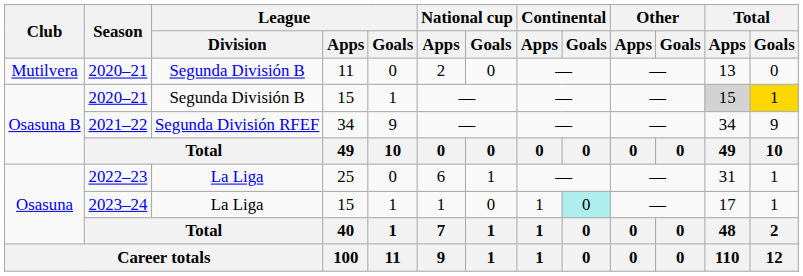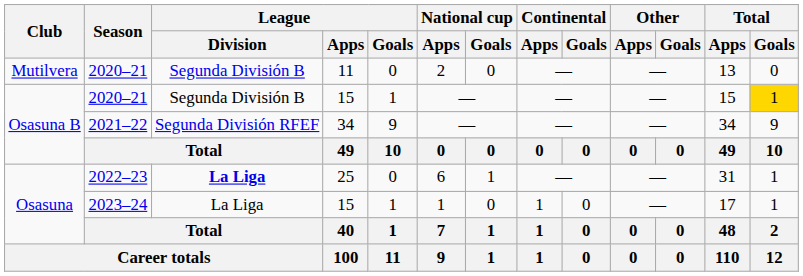 <table class="wikitable" style="text-align:center">
 <tr>
 <th rowspan="2">Club</th>
 <th rowspan="2">Season</th>
 <th colspan="3">League</th>
 <th colspan="2">National cup</th>
 <th colspan="2">Continental</th>
 <th colspan="2">Other</th>
 <th colspan="2">Total</th>
 </tr>
 <tr>
 <th>Division</th>
 <th>Apps</th>
 <th>Goals</th>
 <th>Apps</th>
 <th>Goals</th>
 <th>Apps</th>
 <th>Goals</th>
 <th>Apps</th>
 <th>Goals</th>
 <th>Apps</th>
 <th>Goals</th>
 </tr>
 <tr>
 <td><a href='#'>Mutilvera</a></td>
 <td><a href='#'>2020–21</a></td>
 <td><a href='#'>Segunda División B</a></td>
 <td>11</td>
 <td>0</td>
 <td>2</td>
 <td>0</td>
 <td colspan="2">—</td>
 <td colspan="2">—</td>
 <td>13</td>
 <td>0</td>
 </tr>
 <tr>
 <td rowspan="3"><a href='#'>Osasuna B</a></td>
 <td><a href='#'>2020–21</a></td>
 <td>Segunda División B</td>
 <td>15</td>
 <td>1</td>
 <td colspan="2">—</td>
 <td colspan="2">—</td>
 <td colspan="2">—</td>
-<td style="background: lightgrey;">15</td>
+<td>15</td>
 <td style="background: gold;">1</td>
 </tr>
 <tr>
 <td><a href='#'>2021–22</a></td>
 <td><a href='#'>Segunda División RFEF</a></td>
 <td>34</td>
 <td>9</td>
 <td colspan="2">—</td>
 <td colspan="2">—</td>
 <td colspan="2">—</td>
 <td>34</td>
 <td>9</td>
 </tr>
 <tr>
 <th colspan="2">Total</th>
 <th>49</th>
 <th>10</th>
 <th>0</th>
 <th>0</th>
 <th>0</th>
 <th>0</th>
 <th>0</th>
 <th>0</th>
 <th>49</th>
 <th>10</th>
 </tr>
 <tr>
 <td rowspan="3"><a href='#'>Osasuna</a></td>
 <td><a href='#'>2022–23</a></td>
-<td><a href='#'>La Liga</a></td>
+<td><strong><a href='#'>La Liga</a></strong></td>
 <td>25</td>
 <td>0</td>
 <td>6</td>
 <td>1</td>
 <td colspan="2">—</td>
 <td colspan="2">—</td>
 <td>31</td>
 <td>1</td>
 </tr>
 <tr>
 <td><a href='#'>2023–24</a></td>
 <td>La Liga</td>
 <td>15</td>
 <td>1</td>
 <td>1</td>
 <td>0</td>
 <td>1</td>
-<td style="background: paleturquoise;">0</td>
+<td>0</td>
 <td colspan="2">—</td>
 <td>17</td>
 <td>1</td>
 </tr>
 <tr>
 <th colspan="2">Total</th>
 <th>40</th>
 <th>1</th>
 <th>7</th>
 <th>1</th>
 <th>1</th>
 <th>0</th>
 <th>0</th>
 <th>0</th>
 <th>48</th>
 <th>2</th>
 </tr>
 <tr>
 <th colspan="3">Career totals</th>
 <th>100</th>
 <th>11</th>
 <th>9</th>
 <th>1</th>
 <th>1</th>
 <th>0</th>
 <th>0</th>
 <th>0</th>
 <th>110</th>
 <th>12</th>
 </tr>
 </table>
